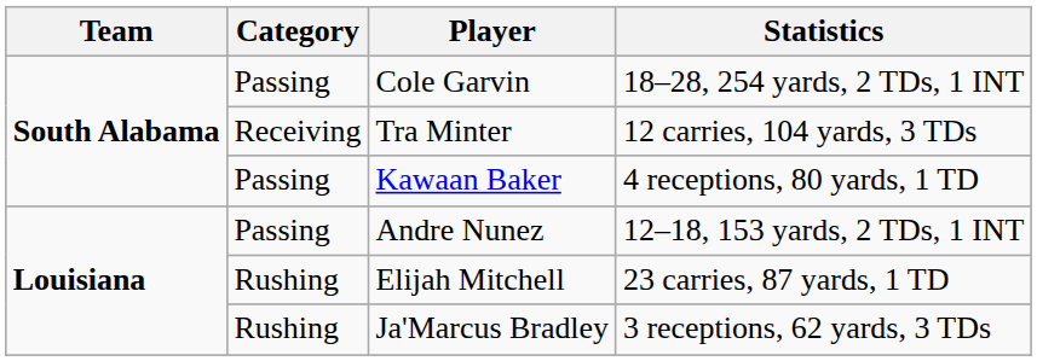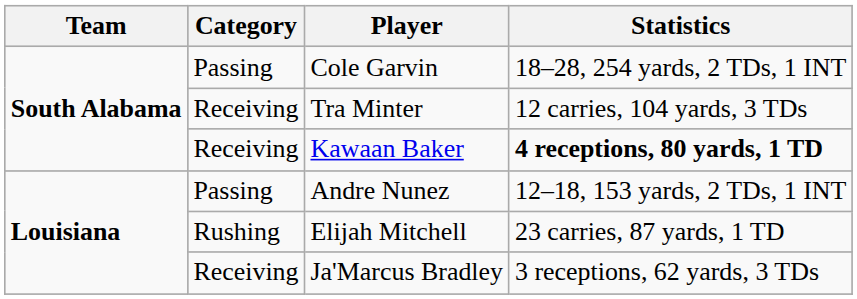 <table class="wikitable" style="float: left;">
 <tr>
 <th>Team</th>
 <th>Category</th>
 <th>Player</th>
 <th>Statistics</th>
 </tr>
 <tr>
 <td rowspan=3><strong>South Alabama</strong></td>
 <td>Passing</td>
 <td>Cole Garvin</td>
 <td>18–28, 254 yards, 2 TDs, 1 INT</td>
 </tr>
 <tr>
 <td>Receiving</td>
 <td>Tra Minter</td>
 <td>12 carries, 104 yards, 3 TDs</td>
 </tr>
 <tr>
-<td>Passing</td>
+<td>Receiving</td>
 <td><a href='#'>Kawaan Baker</a></td>
-<td>4 receptions, 80 yards, 1 TD</td>
+<td><strong>4 receptions, 80 yards, 1 TD</strong></td>
 </tr>
 <tr>
 <td rowspan=3><strong>Louisiana</strong></td>
 <td>Passing</td>
 <td>Andre Nunez</td>
 <td>12–18, 153 yards, 2 TDs, 1 INT</td>
 </tr>
 <tr>
 <td>Rushing</td>
 <td>Elijah Mitchell</td>
 <td>23 carries, 87 yards, 1 TD</td>
 </tr>
 <tr>
-<td>Rushing</td>
+<td>Receiving</td>
 <td>Ja'Marcus Bradley</td>
 <td>3 receptions, 62 yards, 3 TDs</td>
 </tr>
 </table>
